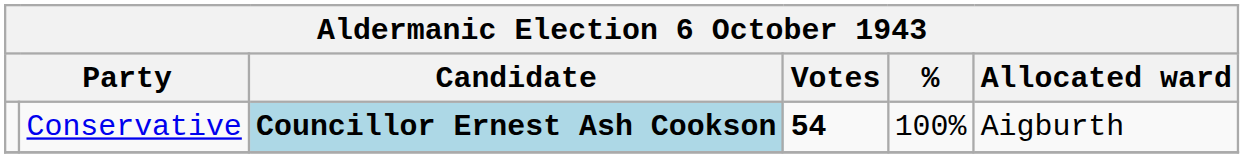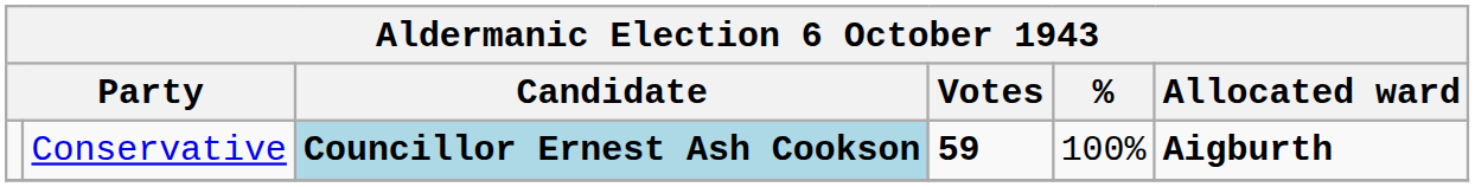 <table class="wikitable">
 <tr>
 <th colspan="6"><strong>Aldermanic Election 6 October 1943</strong></th>
 </tr>
 <tr>
 <th colspan="2">Party</th>
 <th>Candidate</th>
 <th>Votes</th>
 <th>%</th>
 <th>Allocated ward</th>
 </tr>
 <tr>
 <td style="background-color:"></td>
 <td><a href='#'>Conservative</a></td>
 <td style="background: lightblue;"><strong>Councillor Ernest Ash Cookson</strong></td>
-<td><strong>54</strong></td>
+<td><strong>59</strong></td>
 <td>100%</td>
-<td>Aigburth</td>
+<td><strong>Aigburth</strong></td>
 </tr>
 <tr>
 </tr>
 </table>
